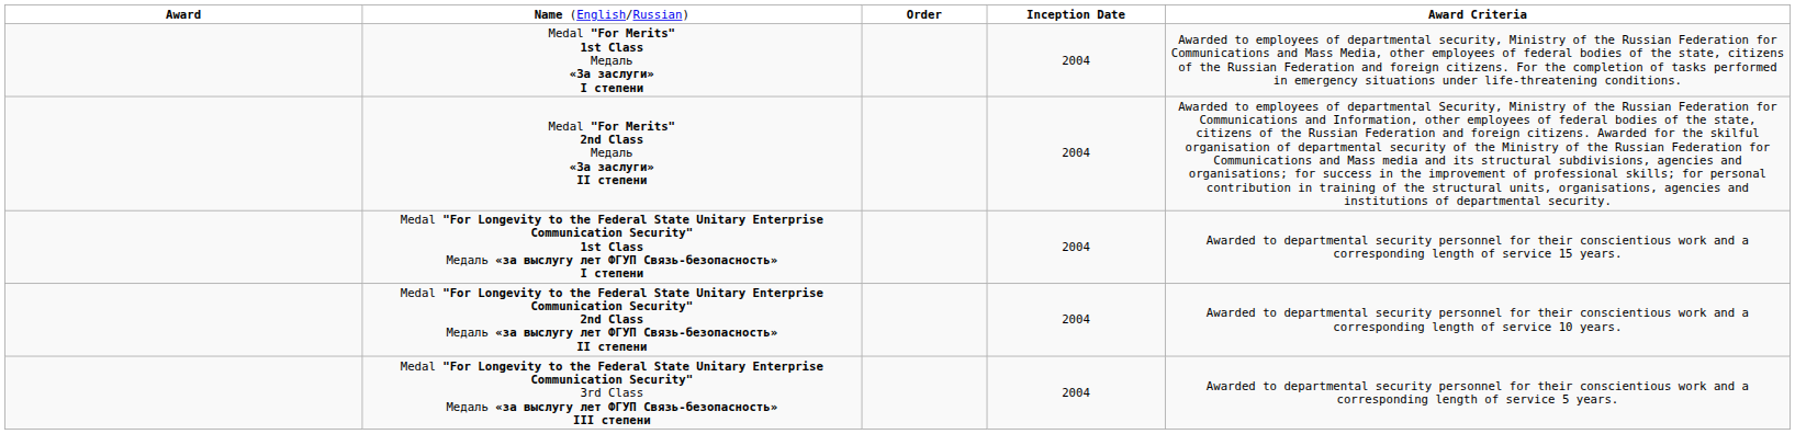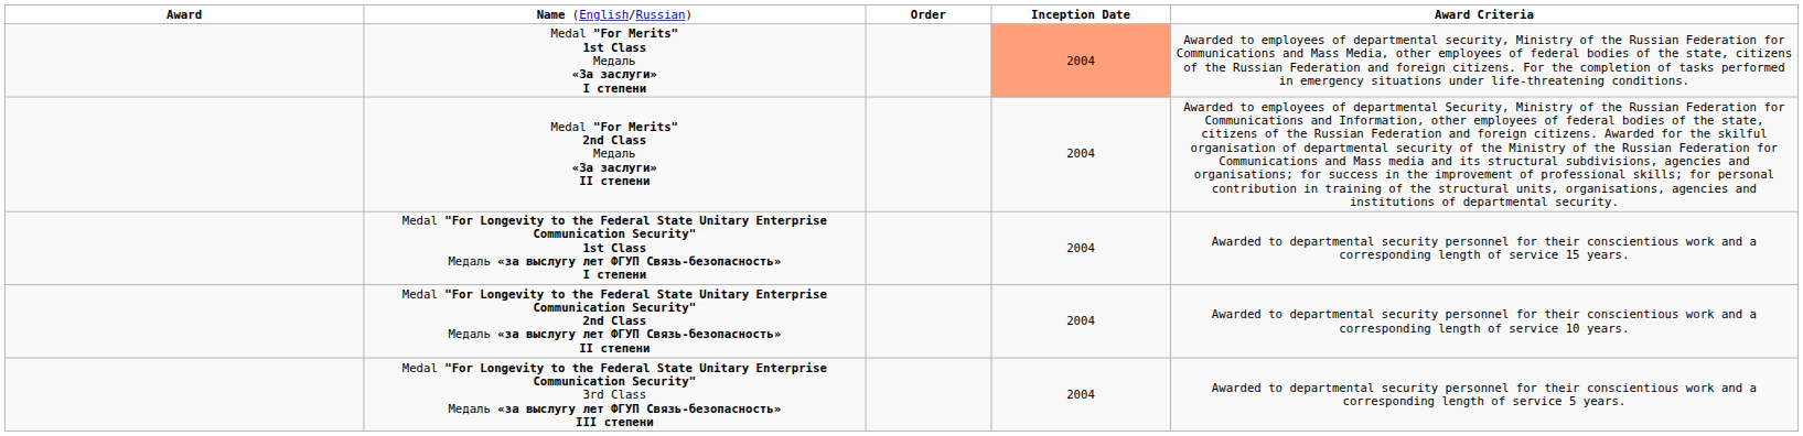 <table class="wikitable sortable" width="100%">
 <tr>
 <td width="20%" bgcolor="#FFFFFF" style="text-align:center;"><strong>Award</strong></td>
 <td width="28%" bgcolor="#FFFFFF" style="text-align:center;"><strong>Name</strong> (<a href='#'>English</a>/<a href='#'>Russian</a>)</td>
 <td width="07%" bgcolor="#FFFFFF" style="text-align:center;"><strong>Order</strong></td>
 <td width="10%" bgcolor="#FFFFFF" style="text-align:center;"><strong>Inception Date</strong></td>
 <td width="35%" bgcolor="#FFFFFF" style="text-align:center;"><strong>Award Criteria</strong></td>
 </tr>
 <tr>
 <td></td>
 <td style="text-align:center;">Medal <strong>"For Merits"<br>1st Class</strong><br>Медаль<br><strong>«За заслуги»<br>I степени</strong></td>
 <td></td>
-<td style="text-align:center;">2004</td>
+<td style="background: lightsalmon; text-align:center;">2004</td>
 <td style="text-align:center;">Awarded to employees of departmental security, Ministry of the Russian Federation for Communications and Mass Media, other employees of federal bodies of the state, citizens of the Russian Federation and foreign citizens. For the completion of tasks performed in emergency situations under life-threatening conditions.</td>
 </tr>
 <tr>
 <td></td>
 <td style="text-align:center;">Medal <strong>"For Merits"<br>2nd Class</strong><br>Медаль<br><strong>«За заслуги»<br>II степени</strong></td>
 <td></td>
 <td style="text-align:center;">2004</td>
 <td style="text-align:center;">Awarded to employees of departmental Security, Ministry of the Russian Federation for Communications and Information, other employees of federal bodies of the state, citizens of the Russian Federation and foreign citizens. Awarded for the skilful organisation of departmental security of the Ministry of the Russian Federation for Communications and Mass media and its structural subdivisions, agencies and organisations; for success in the improvement of professional skills; for personal contribution in training of the structural units, organisations, agencies and institutions of departmental security.</td>
 </tr>
 <tr>
 <td></td>
 <td style="text-align:center;">Medal <strong>"For Longevity to the Federal State Unitary Enterprise Communication Security"<br>1st Class</strong><br>Медаль <strong>«за выслугу лет ФГУП Связь-безопасность»<br>I степени</strong></td>
 <td></td>
 <td style="text-align:center;">2004</td>
 <td style="text-align:center;">Awarded to departmental security personnel for their conscientious work and a corresponding length of service 15 years.</td>
 </tr>
 <tr>
 <td></td>
 <td style="text-align:center;">Medal <strong>"For Longevity to the Federal State Unitary Enterprise Communication Security"<br>2nd Class</strong><br>Медаль <strong>«за выслугу лет ФГУП Связь-безопасность»<br>II степени</strong></td>
 <td></td>
 <td style="text-align:center;">2004</td>
 <td style="text-align:center;">Awarded to departmental security personnel for their conscientious work and a corresponding length of service 10 years.</td>
 </tr>
 <tr>
 <td></td>
 <td style="text-align:center;">Medal <strong>"For Longevity to the Federal State Unitary Enterprise Communication Security"</strong><br>3rd Class<br>Медаль <strong>«за выслугу лет ФГУП Связь-безопасность»<br>III степени</strong></td>
 <td></td>
 <td style="text-align:center;">2004</td>
 <td style="text-align:center;">Awarded to departmental security personnel for their conscientious work and a corresponding length of service 5 years.</td>
 </tr>
 </table>
